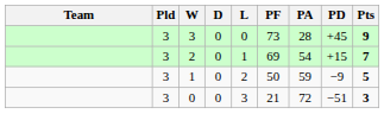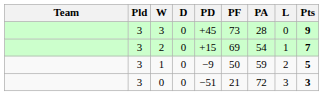 <table class="wikitable" style="text-align:center;">
 <tr>
 <th width=175>Team</th>
 <th width=25 abbr="Played">Pld</th>
 <th width=25 abbr="Won">W</th>
 <th width=25 abbr="Drawn">D</th>
-<th width=25 abbr="Lost">L</th>
+<th width=32 abbr="Points difference">PD</th>
 <th width=32 abbr="Points for">PF</th>
 <th width=32 abbr="Points against">PA</th>
-<th width=32 abbr="Points difference">PD</th>
+<th width=25 abbr="Lost">L</th>
 <th width=25 abbr="Points">Pts</th>
 </tr>
 <tr bgcolor=ccffcc>
 <td align=left></td>
 <td>3</td>
 <td>3</td>
 <td>0</td>
-<td>0</td>
+<td>+45</td>
 <td>73</td>
 <td>28</td>
-<td>+45</td>
+<td>0</td>
 <td><strong>9</strong></td>
 </tr>
 <tr bgcolor=ccffcc>
 <td align=left></td>
 <td>3</td>
 <td>2</td>
 <td>0</td>
-<td>1</td>
+<td>+15</td>
 <td>69</td>
 <td>54</td>
-<td>+15</td>
+<td>1</td>
 <td><strong>7</strong></td>
 </tr>
 <tr>
 <td align=left></td>
 <td>3</td>
 <td>1</td>
 <td>0</td>
-<td>2</td>
+<td>−9</td>
 <td>50</td>
 <td>59</td>
-<td>−9</td>
+<td>2</td>
 <td><strong>5</strong></td>
 </tr>
 <tr>
 <td align=left></td>
 <td>3</td>
 <td>0</td>
 <td>0</td>
-<td>3</td>
+<td>−51</td>
 <td>21</td>
 <td>72</td>
-<td>−51</td>
+<td>3</td>
 <td><strong>3</strong></td>
 </tr>
 </table>
